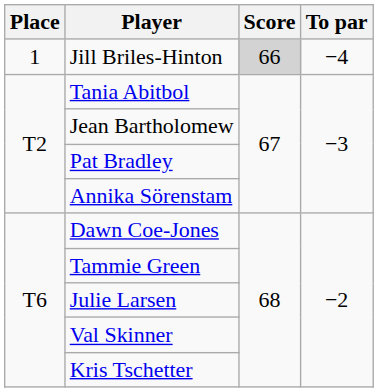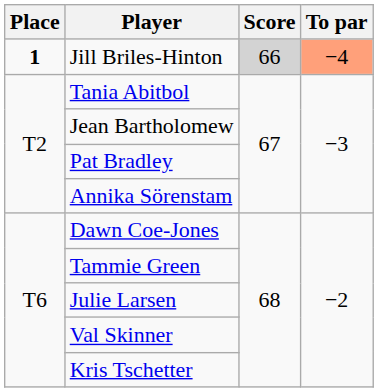 <table class=wikitable style="text-align:center">
 <tr>
 <th>Place</th>
 <th>Player</th>
 <th>Score</th>
 <th>To par</th>
 </tr>
 <tr>
-<td>1</td>
+<td><strong>1</strong></td>
 <td align=left> Jill Briles-Hinton</td>
 <td style="background: lightgrey;">66</td>
-<td>−4</td>
+<td style="background: lightsalmon;">−4</td>
 </tr>
 <tr>
 <td rowspan=4>T2</td>
 <td align=left> <a href='#'>Tania Abitbol</a></td>
 <td rowspan=4>67</td>
 <td rowspan=4>−3</td>
 </tr>
 <tr>
 <td align=left> Jean Bartholomew</td>
 </tr>
 <tr>
 <td align=left> <a href='#'>Pat Bradley</a></td>
 </tr>
 <tr>
 <td align=left> <a href='#'>Annika Sörenstam</a></td>
 </tr>
 <tr>
 <td rowspan=5>T6</td>
 <td align=left> <a href='#'>Dawn Coe-Jones</a></td>
 <td rowspan=5>68</td>
 <td rowspan=5>−2</td>
 </tr>
 <tr>
 <td align=left> <a href='#'>Tammie Green</a></td>
 </tr>
 <tr>
 <td align=left> <a href='#'>Julie Larsen</a></td>
 </tr>
 <tr>
 <td align=left> <a href='#'>Val Skinner</a></td>
 </tr>
 <tr>
 <td align=left> <a href='#'>Kris Tschetter</a></td>
 </tr>
 </table>
